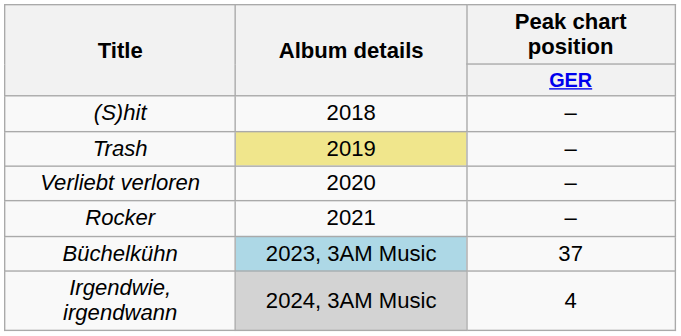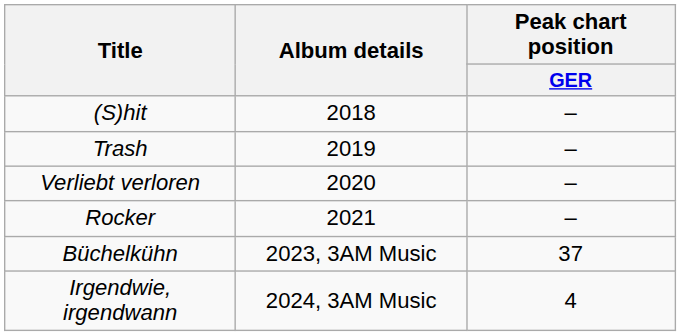 <table class="wikitable" style="text-align:center;">
 <tr>
 <th scope="col" rowspan="2" style="width:10em;">Title</th>
 <th scope="col" rowspan="2" style="width:10em;">Album details</th>
 <th scope="col" colspan="1">Peak chart position</th>
 </tr>
 <tr>
 <th scope="col" style="width:10em;font-size:90%;"><a href='#'>GER</a></th>
 </tr>
 <tr>
 <td><em>(S)hit</em></td>
 <td>2018</td>
 <td>–</td>
 </tr>
 <tr>
 <td><em>Trash</em></td>
-<td style="background: khaki;">2019</td>
+<td>2019</td>
 <td>–</td>
 </tr>
 <tr>
 <td><em>Verliebt verloren</em></td>
 <td>2020</td>
 <td>–</td>
 </tr>
 <tr>
 <td><em>Rocker</em></td>
 <td>2021</td>
 <td>–</td>
 </tr>
 <tr>
 <td><em>Büchelkühn</em></td>
-<td style="background: lightblue;">2023, 3AM Music</td>
+<td>2023, 3AM Music</td>
 <td>37</td>
 </tr>
 <tr>
 <td><em>Irgendwie, irgendwann</em></td>
-<td style="background: lightgrey;">2024, 3AM Music</td>
+<td>2024, 3AM Music</td>
 <td>4</td>
 </tr>
 </table>
